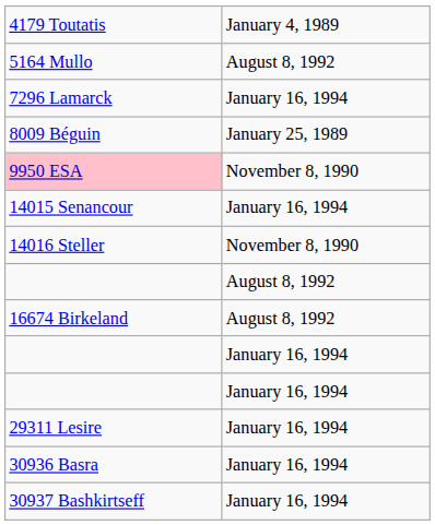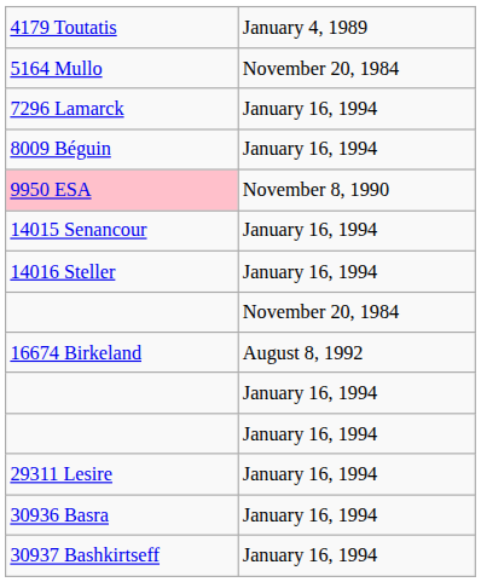 <table class="wikitable" style="font-size: 89%; float: left; width: 24em; margin-right: 1em; line-height: 1.6em !important;">
 <tr>
 <td><a href='#'>4179 Toutatis</a></td>
 <td>January 4, 1989</td>
 </tr>
 <tr>
 <td><a href='#'>5164 Mullo</a></td>
-<td>August 8, 1992</td>
+<td>November 20, 1984</td>
 </tr>
 <tr>
 <td><a href='#'>7296 Lamarck</a> </td>
 <td>January 16, 1994</td>
 </tr>
 <tr>
 <td><a href='#'>8009 Béguin</a></td>
-<td>January 25, 1989</td>
+<td>January 16, 1994</td>
 </tr>
 <tr>
 <td style="background: pink;"><a href='#'>9950 ESA</a></td>
 <td>November 8, 1990</td>
 </tr>
 <tr>
 <td><a href='#'>14015 Senancour</a> </td>
 <td>January 16, 1994</td>
 </tr>
 <tr>
 <td><a href='#'>14016 Steller</a> </td>
-<td>November 8, 1990</td>
+<td>January 16, 1994</td>
 </tr>
 <tr>
 <td></td>
-<td>August 8, 1992</td>
+<td>November 20, 1984</td>
 </tr>
 <tr>
 <td><a href='#'>16674 Birkeland</a> </td>
 <td>August 8, 1992</td>
 </tr>
 <tr>
 <td> </td>
 <td>January 16, 1994</td>
 </tr>
 <tr>
 <td> </td>
 <td>January 16, 1994</td>
 </tr>
 <tr>
 <td><a href='#'>29311 Lesire</a> </td>
 <td>January 16, 1994</td>
 </tr>
 <tr>
 <td><a href='#'>30936 Basra</a> </td>
 <td>January 16, 1994</td>
 </tr>
 <tr>
 <td><a href='#'>30937 Bashkirtseff</a> </td>
 <td>January 16, 1994</td>
 </tr>
 </table>
